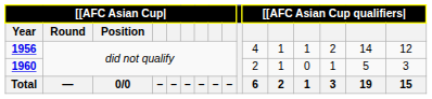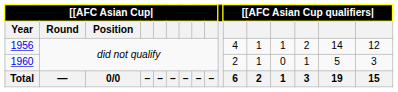 <table class="wikitable" style="text-align: center;">
 <tr>
 <th colspan=9 style="background: #000000; color: #FFFFFF; border:2px solid #FFFF00;">[[AFC Asian Cup|</th>
 <th style="background: #000000; color: #FFFFFF;"></th>
 <th colspan=7 style="background: #000000; color: #FFFFFF; border:2px solid #FFFF00;">[[AFC Asian Cup qualifiers|</th>
 </tr>
 <tr>
 <th>Year</th>
 <th>Round</th>
 <th>Position</th>
 <th></th>
 <th></th>
 <th></th>
 <th></th>
 <th></th>
 <th></th>
 <th style="width:1%;" rowspan="19"></th>
 <th></th>
 <th></th>
 <th></th>
 <th></th>
 <th></th>
 <th></th>
 </tr>
 <tr>
-<td><strong> <a href='#'>1956</a></strong></td>
+<td> <a href='#'>1956</a></td>
 <td rowspan="2" colspan="8"><em>did not qualify</em></td>
 <td>4</td>
 <td>1</td>
 <td>1</td>
 <td>2</td>
 <td>14</td>
 <td>12</td>
 </tr>
 <tr>
-<td><strong> <a href='#'>1960</a></strong></td>
+<td> <a href='#'>1960</a></td>
 <td>2</td>
 <td>1</td>
 <td>0</td>
 <td>1</td>
 <td>5</td>
 <td>3</td>
 </tr>
 <tr>
 <th><strong>Total</strong></th>
 <th>—</th>
 <th>0/0</th>
 <th>–</th>
 <th>–</th>
 <th>–</th>
 <th>–</th>
 <th>–</th>
 <th>–</th>
 <th><strong>6</strong></th>
 <th><strong>2</strong></th>
 <th><strong>1</strong></th>
 <th><strong>3</strong></th>
 <th><strong>19</strong></th>
 <th><strong>15</strong></th>
 </tr>
 </table>
